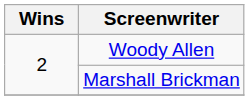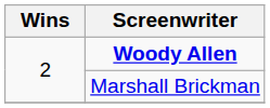 <table class="wikitable" style="text-align: center;">
 <tr>
 <th scope="col" width="55">Wins</th>
 <th scope="col" align="center">Screenwriter</th>
 </tr>
 <tr>
 <td rowspan="2" style="text-align:center;">2</td>
-<td><a href='#'>Woody Allen</a></td>
+<td><strong><a href='#'>Woody Allen</a></strong></td>
 </tr>
 <tr>
 <td><a href='#'>Marshall Brickman</a></td>
 </tr>
 <tr>
 </tr>
 </table>
